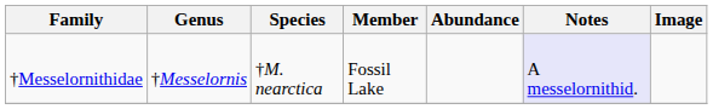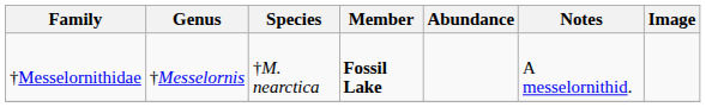 <table class="wikitable" style="margin:auto;width:100%;">
 <tr>
 <th>Family</th>
 <th>Genus</th>
 <th>Species</th>
 <th>Member</th>
 <th>Abundance</th>
 <th>Notes</th>
 <th>Image</th>
 </tr>
 <tr>
 <td><br>†<a href='#'>Messelornithidae</a></td>
 <td><br>†<em><a href='#'>Messelornis</a></em></td>
 <td><br>†<em>M. nearctica</em></td>
-<td><br>Fossil Lake</td>
+<td><strong><br>Fossil Lake</strong></td>
 <td></td>
-<td style="background: lavender;"><br>A <a href='#'>messelornithid</a>.</td>
+<td><br>A <a href='#'>messelornithid</a>.</td>
 <td><br></td>
 </tr>
 <tr>
 </tr>
 </table>
